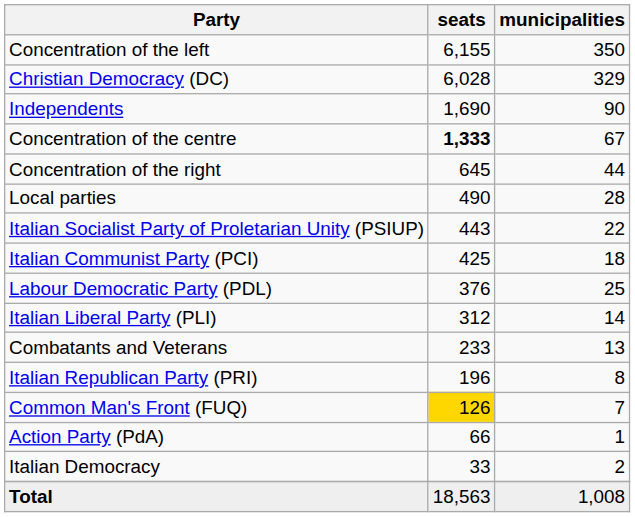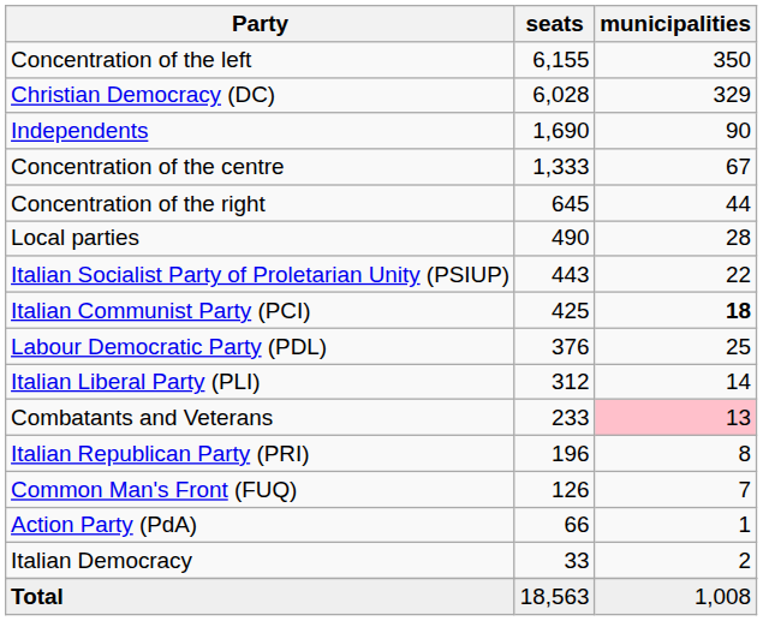 <table class="wikitable" style="font-size: 90%;">
 <tr bgcolor="EFEFEF">
 <th>Party</th>
 <th>seats</th>
 <th>municipalities</th>
 </tr>
 <tr>
 <td>Concentration of the left</td>
 <td align=right>6,155</td>
 <td align=right>350</td>
 </tr>
 <tr>
 <td><a href='#'>Christian Democracy</a> (DC)</td>
 <td align=right>6,028</td>
 <td align=right>329</td>
 </tr>
 <tr>
 <td><a href='#'>Independents</a></td>
 <td align=right>1,690</td>
 <td align=right>90</td>
 </tr>
 <tr>
 <td>Concentration of the centre</td>
-<td align=right><strong>1,333</strong></td>
+<td align=right>1,333</td>
 <td align=right>67</td>
 </tr>
 <tr>
 <td>Concentration of the right</td>
 <td align=right>645</td>
 <td align=right>44</td>
 </tr>
 <tr>
 <td>Local parties</td>
 <td align=right>490</td>
 <td align=right>28</td>
 </tr>
 <tr>
 <td><a href='#'>Italian Socialist Party of Proletarian Unity</a> (PSIUP)</td>
 <td align=right>443</td>
 <td align=right>22</td>
 </tr>
 <tr>
 <td><a href='#'>Italian Communist Party</a> (PCI)</td>
 <td align=right>425</td>
-<td align=right>18</td>
+<td align=right><strong>18</strong></td>
 </tr>
 <tr>
 <td><a href='#'>Labour Democratic Party</a> (PDL)</td>
 <td align=right>376</td>
 <td align=right>25</td>
 </tr>
 <tr>
 <td><a href='#'>Italian Liberal Party</a> (PLI)</td>
 <td align=right>312</td>
 <td align=right>14</td>
 </tr>
 <tr>
 <td>Combatants and Veterans</td>
 <td align=right>233</td>
-<td align=right>13</td>
+<td align=right style="background: pink;">13</td>
 </tr>
 <tr>
 <td><a href='#'>Italian Republican Party</a> (PRI)</td>
 <td align=right>196</td>
 <td align=right>8</td>
 </tr>
 <tr>
 <td><a href='#'>Common Man's Front</a> (FUQ)</td>
-<td align=right style="background: gold;">126</td>
+<td align=right>126</td>
 <td align=right>7</td>
 </tr>
 <tr>
 <td><a href='#'>Action Party</a> (PdA)</td>
 <td align=right>66</td>
 <td align=right>1</td>
 </tr>
 <tr>
 <td>Italian Democracy</td>
 <td align=right>33</td>
 <td align=right>2</td>
 </tr>
 <tr>
 </tr>
 <tr bgcolor="EFEFEF">
 <td align=left><strong>Total</strong></td>
 <td align=right>18,563</td>
 <td align=right>1,008</td>
 </tr>
 </table>
